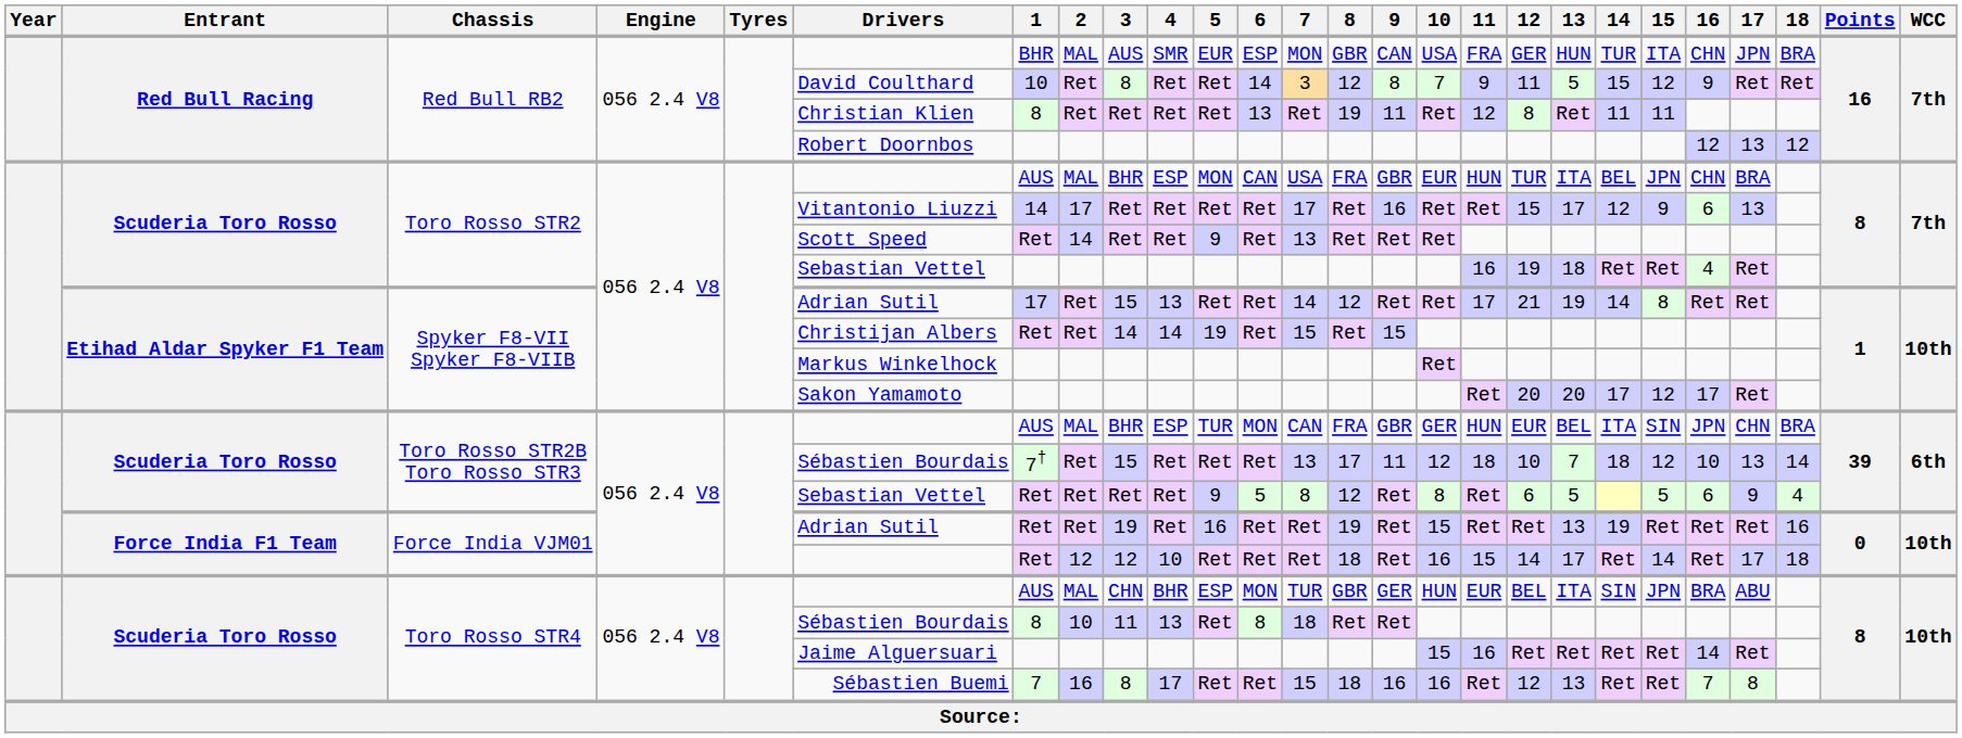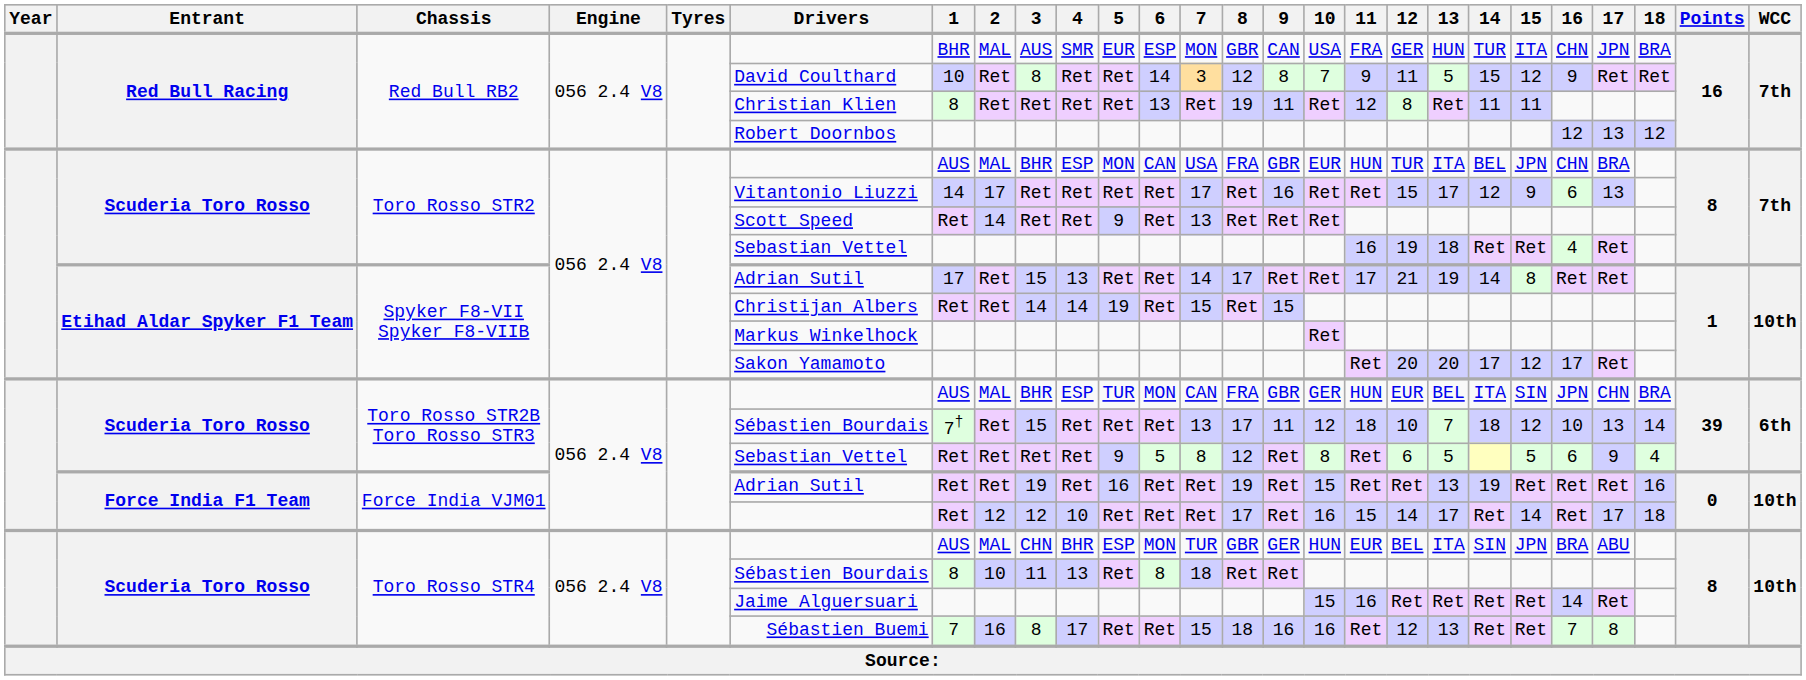 <table class="wikitable" style="text-align:center; font-size:85%">
 <tr>
 <th>Year</th>
 <th>Entrant</th>
 <th>Chassis</th>
 <th>Engine</th>
 <th>Tyres</th>
 <th>Drivers</th>
 <th>1</th>
 <th>2</th>
 <th>3</th>
 <th>4</th>
 <th>5</th>
 <th>6</th>
 <th>7</th>
 <th>8</th>
 <th>9</th>
 <th>10</th>
 <th>11</th>
 <th>12</th>
 <th>13</th>
 <th>14</th>
 <th>15</th>
 <th>16</th>
 <th>17</th>
 <th>18</th>
 <th><a href='#'>Points</a></th>
 <th>WCC</th>
 </tr>
 <tr style="border-top:2px solid #aaaaaa">
 <th rowspan="4"></th>
 <th rowspan="4"><a href='#'>Red Bull Racing</a></th>
 <td rowspan="4"><a href='#'>Red Bull RB2</a></td>
 <td rowspan="4">056 2.4 <a href='#'>V8</a></td>
 <td rowspan="4"></td>
 <td></td>
 <td><a href='#'>BHR</a></td>
 <td><a href='#'>MAL</a></td>
 <td><a href='#'>AUS</a></td>
 <td><a href='#'>SMR</a></td>
 <td><a href='#'>EUR</a></td>
 <td><a href='#'>ESP</a></td>
 <td><a href='#'>MON</a></td>
 <td><a href='#'>GBR</a></td>
 <td><a href='#'>CAN</a></td>
 <td><a href='#'>USA</a></td>
 <td><a href='#'>FRA</a></td>
 <td><a href='#'>GER</a></td>
 <td><a href='#'>HUN</a></td>
 <td><a href='#'>TUR</a></td>
 <td><a href='#'>ITA</a></td>
 <td><a href='#'>CHN</a></td>
 <td><a href='#'>JPN</a></td>
 <td><a href='#'>BRA</a></td>
 <th rowspan="4">16</th>
 <th rowspan="4">7th</th>
 </tr>
 <tr>
 <td align="left"> <a href='#'>David Coulthard</a></td>
 <td style="background-color:#CFCFFF">10</td>
 <td style="background-color:#EFCFFF">Ret</td>
 <td style="background-color:#DFFFDF">8</td>
 <td style="background-color:#EFCFFF">Ret</td>
 <td style="background-color:#EFCFFF">Ret</td>
 <td style="background-color:#CFCFFF">14</td>
 <td style="background-color:#FFDF9F">3</td>
 <td style="background-color:#CFCFFF">12</td>
 <td style="background-color:#DFFFDF">8</td>
 <td style="background-color:#DFFFDF">7</td>
 <td style="background-color:#CFCFFF">9</td>
 <td style="background-color:#CFCFFF">11</td>
 <td style="background-color:#DFFFDF">5</td>
 <td style="background-color:#CFCFFF">15</td>
 <td style="background-color:#CFCFFF">12</td>
 <td style="background-color:#CFCFFF">9</td>
 <td style="background-color:#EFCFFF">Ret</td>
 <td style="background-color:#EFCFFF">Ret</td>
 </tr>
 <tr>
 <td align="left"> <a href='#'>Christian Klien</a></td>
 <td style="background-color:#DFFFDF">8</td>
 <td style="background-color:#EFCFFF">Ret</td>
 <td style="background-color:#EFCFFF">Ret</td>
 <td style="background-color:#EFCFFF">Ret</td>
 <td style="background-color:#EFCFFF">Ret</td>
 <td style="background-color:#CFCFFF">13</td>
 <td style="background-color:#EFCFFF">Ret</td>
 <td style="background-color:#cfcfff">19</td>
 <td style="background-color:#CFCFFF">11</td>
 <td style="background-color:#EFCFFF">Ret</td>
 <td style="background-color:#CFCFFF">12</td>
 <td style="background-color:#DFFFDF">8</td>
 <td style="background-color:#EFCFFF">Ret</td>
 <td style="background-color:#CFCFFF">11</td>
 <td style="background-color:#CFCFFF">11</td>
 <td></td>
 <td></td>
 <td></td>
 </tr>
 <tr>
 <td align="left"> <a href='#'>Robert Doornbos</a></td>
 <td></td>
 <td></td>
 <td></td>
 <td></td>
 <td></td>
 <td></td>
 <td></td>
 <td></td>
 <td></td>
 <td></td>
 <td></td>
 <td></td>
 <td></td>
 <td></td>
 <td></td>
 <td style="background-color:#CFCFFF">12</td>
 <td style="background-color:#CFCFFF">13</td>
 <td style="background-color:#CFCFFF">12</td>
 </tr>
 <tr style="border-top:2px solid #aaaaaa">
 <th rowspan="8"></th>
 <th rowspan="4"><a href='#'>Scuderia Toro Rosso</a></th>
 <td rowspan="4"><a href='#'>Toro Rosso STR2</a></td>
 <td rowspan="8">056 2.4 <a href='#'>V8</a></td>
 <td rowspan="8"></td>
 <td></td>
 <td><a href='#'>AUS</a></td>
 <td><a href='#'>MAL</a></td>
 <td><a href='#'>BHR</a></td>
 <td><a href='#'>ESP</a></td>
 <td><a href='#'>MON</a></td>
 <td><a href='#'>CAN</a></td>
 <td><a href='#'>USA</a></td>
 <td><a href='#'>FRA</a></td>
 <td><a href='#'>GBR</a></td>
 <td><a href='#'>EUR</a></td>
 <td><a href='#'>HUN</a></td>
 <td><a href='#'>TUR</a></td>
 <td><a href='#'>ITA</a></td>
 <td><a href='#'>BEL</a></td>
 <td><a href='#'>JPN</a></td>
 <td><a href='#'>CHN</a></td>
 <td><a href='#'>BRA</a></td>
 <td></td>
 <th rowspan="4">8</th>
 <th rowspan="4">7th</th>
 </tr>
 <tr>
 <td align="left"> <a href='#'>Vitantonio Liuzzi</a></td>
 <td style="background:#cfcfff;">14</td>
 <td style="background:#cfcfff;">17</td>
 <td style="background:#efcfff;">Ret</td>
 <td style="background:#efcfff;">Ret</td>
 <td style="background:#efcfff;">Ret</td>
 <td style="background:#efcfff;">Ret</td>
 <td style="background:#cfcfff;">17</td>
 <td style="background:#efcfff;">Ret</td>
 <td style="background:#cfcfff;">16</td>
 <td style="background:#efcfff;">Ret</td>
 <td style="background:#efcfff;">Ret</td>
 <td style="background:#cfcfff;">15</td>
 <td style="background:#cfcfff;">17</td>
 <td style="background:#cfcfff;">12</td>
 <td style="background:#cfcfff;">9</td>
 <td style="background:#dfffdf;">6</td>
 <td style="background:#cfcfff;">13</td>
 <td></td>
 </tr>
 <tr>
 <td align="left"> <a href='#'>Scott Speed</a></td>
 <td style="background:#efcfff;">Ret</td>
 <td style="background:#cfcfff;">14</td>
 <td style="background:#efcfff;">Ret</td>
 <td style="background:#efcfff;">Ret</td>
 <td style="background:#cfcfff;">9</td>
 <td style="background:#efcfff;">Ret</td>
 <td style="background:#cfcfff;">13</td>
 <td style="background:#efcfff;">Ret</td>
 <td style="background:#efcfff;">Ret</td>
 <td style="background:#efcfff;">Ret</td>
 <td></td>
 <td></td>
 <td></td>
 <td></td>
 <td></td>
 <td></td>
 <td></td>
 <td></td>
 </tr>
 <tr>
 <td align="left"> <a href='#'>Sebastian Vettel</a></td>
 <td></td>
 <td></td>
 <td></td>
 <td></td>
 <td></td>
 <td></td>
 <td></td>
 <td></td>
 <td></td>
 <td></td>
 <td style="background:#cfcfff;">16</td>
 <td style="background:#cfcfff;">19</td>
 <td style="background:#cfcfff;">18</td>
 <td style="background:#efcfff;">Ret</td>
 <td style="background:#efcfff;">Ret</td>
 <td style="background:#dfffdf;">4</td>
 <td style="background:#efcfff;">Ret</td>
 <td></td>
 </tr>
 <tr style="border-top:2px solid #aaaaaa">
 <th rowspan="4"><a href='#'>Etihad Aldar Spyker F1 Team</a></th>
 <td rowspan="4"><a href='#'>Spyker F8-VII</a><br><a href='#'>Spyker F8-VIIB</a></td>
 <td align="left"> <a href='#'>Adrian Sutil</a></td>
 <td style="background-color:#CFCFFF">17</td>
 <td style="background-color:#EFCFFF">Ret</td>
 <td style="background-color:#CFCFFF">15</td>
 <td style="background-color:#CFCFFF">13</td>
 <td style="background-color:#EFCFFF">Ret</td>
 <td style="background-color:#EFCFFF">Ret</td>
 <td style="background-color:#CFCFFF">14</td>
-<td style="background-color:#CFCFFF">12</td>
+<td style="background-color:#CFCFFF">17</td>
 <td style="background-color:#EFCFFF">Ret</td>
 <td style="background-color:#EFCFFF">Ret</td>
 <td style="background-color:#CFCFFF">17</td>
 <td style="background-color:#CFCFFF">21</td>
 <td style="background-color:#CFCFFF">19</td>
 <td style="background-color:#CFCFFF">14</td>
 <td style="background-color:#dfffdf">8</td>
 <td style="background-color:#EFCFFF">Ret</td>
 <td style="background-color:#EFCFFF">Ret</td>
 <td></td>
 <th rowspan="4">1</th>
 <th rowspan="4">10th</th>
 </tr>
 <tr>
 <td align="left"> <a href='#'>Christijan Albers</a></td>
 <td style="background-color:#EFCFFF">Ret</td>
 <td style="background-color:#EFCFFF">Ret</td>
 <td style="background-color:#CFCFFF">14</td>
 <td style="background-color:#CFCFFF">14</td>
 <td style="background-color:#CFCFFF">19</td>
 <td style="background-color:#EFCFFF">Ret</td>
 <td style="background-color:#CFCFFF">15</td>
 <td style="background-color:#EFCFFF">Ret</td>
 <td style="background-color:#CFCFFF">15</td>
 <td></td>
 <td></td>
 <td></td>
 <td></td>
 <td></td>
 <td></td>
 <td></td>
 <td></td>
 <td></td>
 </tr>
 <tr>
 <td align="left"> <a href='#'>Markus Winkelhock</a></td>
 <td></td>
 <td></td>
 <td></td>
 <td></td>
 <td></td>
 <td></td>
 <td></td>
 <td></td>
 <td></td>
 <td style="background-color:#EFCFFF">Ret</td>
 <td></td>
 <td></td>
 <td></td>
 <td></td>
 <td></td>
 <td></td>
 <td></td>
 <td></td>
 </tr>
 <tr>
 <td align="left"> <a href='#'>Sakon Yamamoto</a></td>
 <td></td>
 <td></td>
 <td></td>
 <td></td>
 <td></td>
 <td></td>
 <td></td>
 <td></td>
 <td></td>
 <td></td>
 <td style="background-color:#EFCFFF">Ret</td>
 <td style="background-color:#CFCFFF">20</td>
 <td style="background-color:#CFCFFF">20</td>
 <td style="background-color:#CFCFFF">17</td>
 <td style="background-color:#CFCFFF">12</td>
 <td style="background-color:#CFCFFF">17</td>
 <td style="background-color:#EFCFFF">Ret</td>
 <td></td>
 </tr>
 <tr style="border-top:2px solid #aaaaaa">
 <th rowspan="5"></th>
 <th rowspan="3"><a href='#'>Scuderia Toro Rosso</a></th>
 <td rowspan="3"><a href='#'>Toro Rosso STR2B</a><br><a href='#'>Toro Rosso STR3</a></td>
 <td rowspan="5">056 2.4 <a href='#'>V8</a></td>
 <td rowspan="5"></td>
 <td></td>
 <td><a href='#'>AUS</a></td>
 <td><a href='#'>MAL</a></td>
 <td><a href='#'>BHR</a></td>
 <td><a href='#'>ESP</a></td>
 <td><a href='#'>TUR</a></td>
 <td><a href='#'>MON</a></td>
 <td><a href='#'>CAN</a></td>
 <td><a href='#'>FRA</a></td>
 <td><a href='#'>GBR</a></td>
 <td><a href='#'>GER</a></td>
 <td><a href='#'>HUN</a></td>
 <td><a href='#'>EUR</a></td>
 <td><a href='#'>BEL</a></td>
 <td><a href='#'>ITA</a></td>
 <td><a href='#'>SIN</a></td>
 <td><a href='#'>JPN</a></td>
 <td><a href='#'>CHN</a></td>
 <td><a href='#'>BRA</a></td>
 <th rowspan="3">39</th>
 <th rowspan="3">6th</th>
 </tr>
 <tr>
 <td align="left"> <a href='#'>Sébastien Bourdais</a></td>
 <td style="background:#dfffdf;">7<sup>†</sup></td>
 <td style="background:#efcfff;">Ret</td>
 <td style="background:#cfcfff;">15</td>
 <td style="background:#efcfff;">Ret</td>
 <td style="background:#efcfff;">Ret</td>
 <td style="background:#efcfff;">Ret</td>
 <td style="background:#cfcfff;">13</td>
 <td style="background:#cfcfff;">17</td>
 <td style="background:#cfcfff;">11</td>
 <td style="background:#cfcfff;">12</td>
 <td style="background:#cfcfff;">18</td>
 <td style="background:#cfcfff;">10</td>
 <td style="background:#dfffdf;">7</td>
 <td style="background:#cfcfff;">18</td>
 <td style="background:#cfcfff;">12</td>
 <td style="background:#cfcfff;">10</td>
 <td style="background:#cfcfff;">13</td>
 <td style="background:#cfcfff;">14</td>
 </tr>
 <tr>
 <td align="left"> <a href='#'>Sebastian Vettel</a></td>
 <td style="background:#efcfff;">Ret</td>
 <td style="background:#efcfff;">Ret</td>
 <td style="background:#efcfff;">Ret</td>
 <td style="background:#efcfff;">Ret</td>
 <td style="background:#cfcfff;">9</td>
 <td style="background:#dfffdf;">5</td>
 <td style="background:#dfffdf;">8</td>
 <td style="background:#cfcfff;">12</td>
 <td style="background:#efcfff;">Ret</td>
 <td style="background:#dfffdf;">8</td>
 <td style="background:#efcfff;">Ret</td>
 <td style="background:#dfffdf;">6</td>
 <td style="background:#dfffdf;">5</td>
 <td style="background:#ffffbf;"></td>
 <td style="background:#dfffdf;">5</td>
 <td style="background:#dfffdf;">6</td>
 <td style="background:#cfcfff;">9</td>
 <td style="background:#dfffdf;">4</td>
 </tr>
 <tr style="border-top:2px solid #aaaaaa">
 <th rowspan="2"><a href='#'>Force India F1 Team</a></th>
 <td rowspan="2"><a href='#'>Force India VJM01</a></td>
 <td align="left"> <a href='#'>Adrian Sutil</a></td>
 <td style="background-color:#efcfff">Ret</td>
 <td style="background-color:#efcfff">Ret</td>
 <td style="background-color:#cfcfff">19</td>
 <td style="background-color:#efcfff">Ret</td>
 <td style="background-color:#cfcfff">16</td>
 <td style="background-color:#efcfff">Ret</td>
 <td style="background-color:#efcfff">Ret</td>
 <td style="background-color:#cfcfff">19</td>
 <td style="background-color:#efcfff">Ret</td>
 <td style="background-color:#cfcfff">15</td>
 <td style="background-color:#efcfff">Ret</td>
 <td style="background-color:#efcfff">Ret</td>
 <td style="background-color:#cfcfff">13</td>
 <td style="background-color:#cfcfff">19</td>
 <td style="background-color:#efcfff">Ret</td>
 <td style="background-color:#efcfff">Ret</td>
 <td style="background-color:#efcfff">Ret</td>
 <td style="background-color:#cfcfff">16</td>
 <th rowspan="2">0</th>
 <th rowspan="2">10th</th>
 </tr>
 <tr>
 <td align="left"></td>
 <td style="background-color:#efcfff">Ret</td>
 <td style="background-color:#cfcfff">12</td>
 <td style="background-color:#cfcfff">12</td>
 <td style="background-color:#cfcfff">10</td>
 <td style="background-color:#efcfff">Ret</td>
 <td style="background-color:#efcfff">Ret</td>
 <td style="background-color:#efcfff">Ret</td>
-<td style="background-color:#cfcfff">18</td>
+<td style="background-color:#CFCFFF">17</td>
 <td style="background-color:#efcfff">Ret</td>
 <td style="background-color:#cfcfff">16</td>
 <td style="background-color:#cfcfff">15</td>
 <td style="background-color:#cfcfff">14</td>
 <td style="background-color:#cfcfff">17</td>
 <td style="background-color:#efcfff">Ret</td>
 <td style="background-color:#cfcfff">14</td>
 <td style="background-color:#efcfff">Ret</td>
 <td style="background-color:#cfcfff">17</td>
 <td style="background-color:#cfcfff">18</td>
 </tr>
 <tr style="border-top:2px solid #aaaaaa">
 <th rowspan="4"></th>
 <th rowspan="4"><a href='#'>Scuderia Toro Rosso</a></th>
 <td rowspan="4"><a href='#'>Toro Rosso STR4</a></td>
 <td rowspan="4">056 2.4 <a href='#'>V8</a></td>
 <td rowspan="4"></td>
 <td></td>
 <td><a href='#'>AUS</a></td>
 <td><a href='#'>MAL</a></td>
 <td><a href='#'>CHN</a></td>
 <td><a href='#'>BHR</a></td>
 <td><a href='#'>ESP</a></td>
 <td><a href='#'>MON</a></td>
 <td><a href='#'>TUR</a></td>
 <td><a href='#'>GBR</a></td>
 <td><a href='#'>GER</a></td>
 <td><a href='#'>HUN</a></td>
 <td><a href='#'>EUR</a></td>
 <td><a href='#'>BEL</a></td>
 <td><a href='#'>ITA</a></td>
 <td><a href='#'>SIN</a></td>
 <td><a href='#'>JPN</a></td>
 <td><a href='#'>BRA</a></td>
 <td><a href='#'>ABU</a></td>
 <td></td>
 <th rowspan="4">8</th>
 <th rowspan="4">10th</th>
 </tr>
 <tr>
 <td align="left"> <a href='#'>Sébastien Bourdais</a></td>
 <td style="background:#dfffdf;">8</td>
 <td style="background:#cfcfff;">10</td>
 <td style="background:#cfcfff;">11</td>
 <td style="background:#cfcfff;">13</td>
 <td style="background:#efcfff;">Ret</td>
 <td style="background:#dfffdf;">8</td>
 <td style="background:#cfcfff;">18</td>
 <td style="background:#efcfff;">Ret</td>
 <td style="background:#efcfff;">Ret</td>
 <td></td>
 <td></td>
 <td></td>
 <td></td>
 <td></td>
 <td></td>
 <td></td>
 <td></td>
 <td></td>
 </tr>
 <tr>
 <td align="left"> <a href='#'>Jaime Alguersuari</a></td>
 <td></td>
 <td></td>
 <td></td>
 <td></td>
 <td></td>
 <td></td>
 <td></td>
 <td></td>
 <td></td>
 <td style="background:#cfcfff;">15</td>
 <td style="background:#cfcfff;">16</td>
 <td style="background:#efcfff;">Ret</td>
 <td style="background:#efcfff;">Ret</td>
 <td style="background:#efcfff;">Ret</td>
 <td style="background:#efcfff;">Ret</td>
 <td style="background:#cfcfff;">14</td>
 <td style="background:#efcfff;">Ret</td>
 <td></td>
 </tr>
 <tr>
 <td align="left">   <a href='#'>Sébastien Buemi</a></td>
 <td style="background:#dfffdf;">7</td>
 <td style="background:#cfcfff;">16</td>
 <td style="background:#dfffdf;">8</td>
 <td style="background:#cfcfff;">17</td>
 <td style="background:#efcfff;">Ret</td>
 <td style="background:#efcfff;">Ret</td>
 <td style="background:#cfcfff;">15</td>
 <td style="background:#cfcfff;">18</td>
 <td style="background:#cfcfff;">16</td>
 <td style="background:#cfcfff;">16</td>
 <td style="background:#efcfff;">Ret</td>
 <td style="background:#cfcfff;">12</td>
 <td style="background:#cfcfff;">13</td>
 <td style="background:#efcfff;">Ret</td>
 <td style="background:#efcfff;">Ret</td>
 <td style="background:#dfffdf;">7</td>
 <td style="background:#dfffdf;">8</td>
 <td></td>
 </tr>
 <tr style="border-top:2px solid #aaaaaa">
 <th colspan="27">Source:</th>
 </tr>
 </table>
